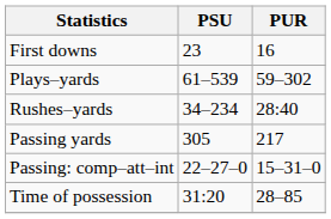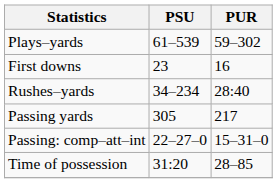 <table class="wikitable" style="float: left;">
 <tr>
 <th>Statistics</th>
 <th>PSU</th>
 <th>PUR</th>
 </tr>
 <tr>
+<td>Plays–yards</td>
+<td>61–539</td>
+<td>59–302</td>
+</tr>
+<tr>
 <td>First downs</td>
 <td>23</td>
 <td>16</td>
-</tr>
-<tr>
-<td>Plays–yards</td>
-<td>61–539</td>
-<td>59–302</td>
 </tr>
 <tr>
 <td>Rushes–yards</td>
 <td>34–234</td>
 <td>28:40</td>
 </tr>
 <tr>
 <td>Passing yards</td>
 <td>305</td>
 <td>217</td>
 </tr>
 <tr>
 <td>Passing: comp–att–int</td>
 <td>22–27–0</td>
 <td>15–31–0</td>
 </tr>
 <tr>
 <td>Time of possession</td>
 <td>31:20</td>
 <td>28–85</td>
 </tr>
 <tr>
 </tr>
 </table>
